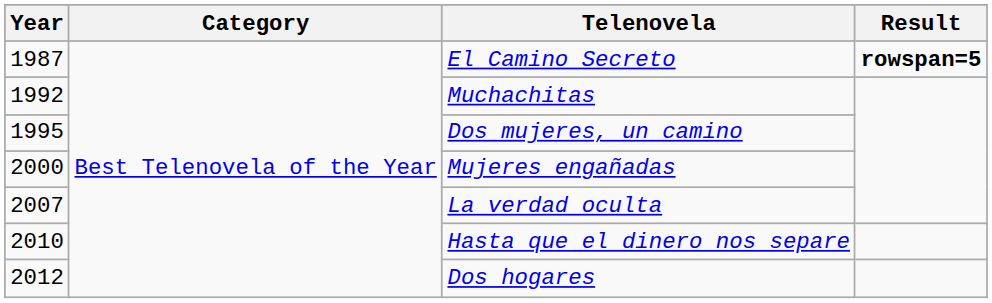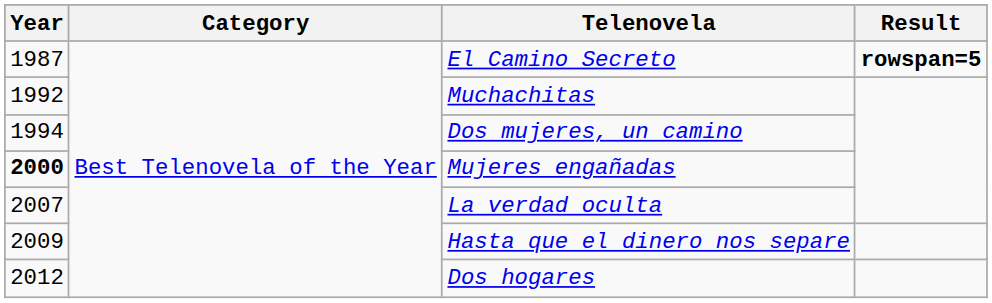 <table class="wikitable">
 <tr style="background:#b0c4de;">
 <th>Year</th>
 <th>Category</th>
 <th>Telenovela</th>
 <th>Result</th>
 </tr>
 <tr>
 <td>1987</td>
 <td rowspan=7><a href='#'>Best Telenovela of the Year</a></td>
 <td><em><a href='#'>El Camino Secreto</a></em></td>
 <td><strong>rowspan=5 </strong></td>
 </tr>
 <tr>
 <td>1992</td>
 <td><em><a href='#'>Muchachitas</a></em></td>
 </tr>
 <tr>
-<td>1995</td>
+<td>1994</td>
 <td><em><a href='#'>Dos mujeres, un camino</a></em></td>
 </tr>
 <tr>
-<td>2000</td>
+<td><strong>2000</strong></td>
 <td><em><a href='#'>Mujeres engañadas</a></em></td>
 </tr>
 <tr>
 <td>2007</td>
 <td><em><a href='#'>La verdad oculta</a></em></td>
 </tr>
 <tr>
-<td>2010</td>
+<td>2009</td>
 <td><em><a href='#'>Hasta que el dinero nos separe</a></em></td>
 <td></td>
 </tr>
 <tr>
 <td>2012</td>
 <td><em><a href='#'>Dos hogares</a></em></td>
 <td></td>
 </tr>
 </table>
